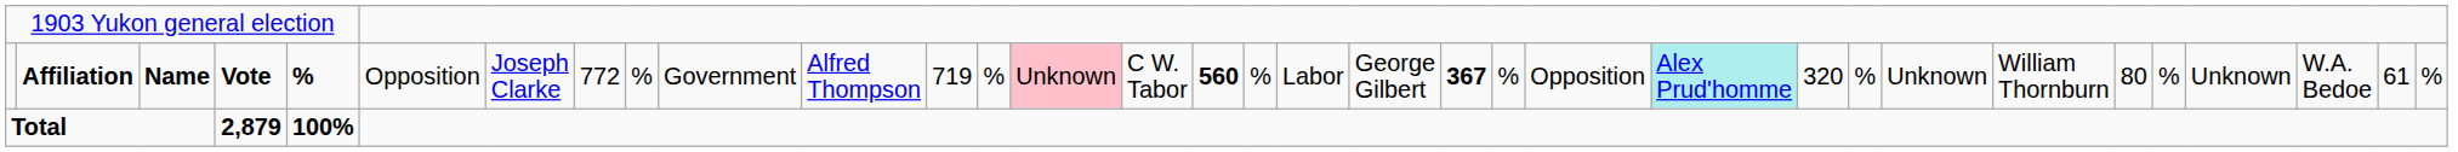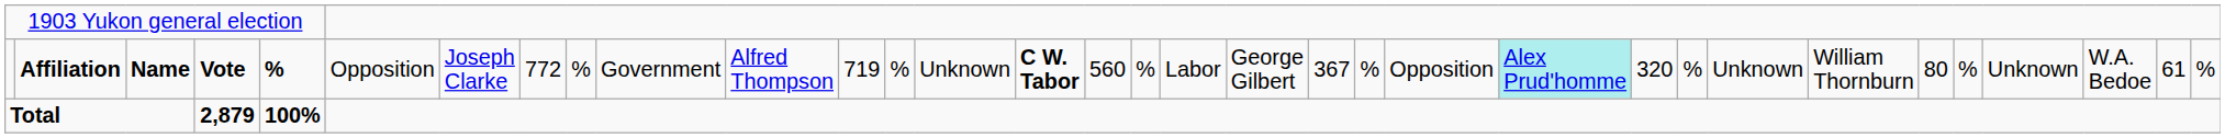 <table class="wikitable">
 <tr>
 <td colspan=5 align=center><a href='#'>1903 Yukon general election</a></td>
 </tr>
 <tr>
 <td></td>
 <td><strong>Affiliation</strong></td>
 <td><strong>Name </strong></td>
 <td><strong>Vote</strong></td>
 <td><strong>%</strong><br></td>
 <td>Opposition</td>
 <td><a href='#'>Joseph Clarke</a></td>
 <td>772</td>
 <td>%<br></td>
 <td>Government</td>
 <td><a href='#'>Alfred Thompson</a></td>
 <td>719</td>
 <td>%<br></td>
-<td style="background: pink;">Unknown</td>
-<td>C W. Tabor</td>
-<td><strong>560</strong></td>
+<td>Unknown</td>
+<td><strong>C W. Tabor</strong></td>
+<td>560</td>
 <td>%<br></td>
 <td>Labor</td>
 <td>George Gilbert</td>
-<td><strong>367</strong></td>
+<td>367</td>
 <td>%<br></td>
 <td>Opposition</td>
 <td style="background: paleturquoise;"><a href='#'>Alex Prud'homme</a></td>
 <td>320</td>
 <td>%<br></td>
 <td>Unknown</td>
 <td>William Thornburn</td>
 <td>80</td>
 <td>%<br></td>
 <td>Unknown</td>
 <td>W.A. Bedoe</td>
 <td>61</td>
 <td>%</td>
 </tr>
 <tr>
 <td colspan=3><strong>Total</strong></td>
 <td><strong>2,879</strong></td>
 <td><strong>100%</strong></td>
 </tr>
 </table>
